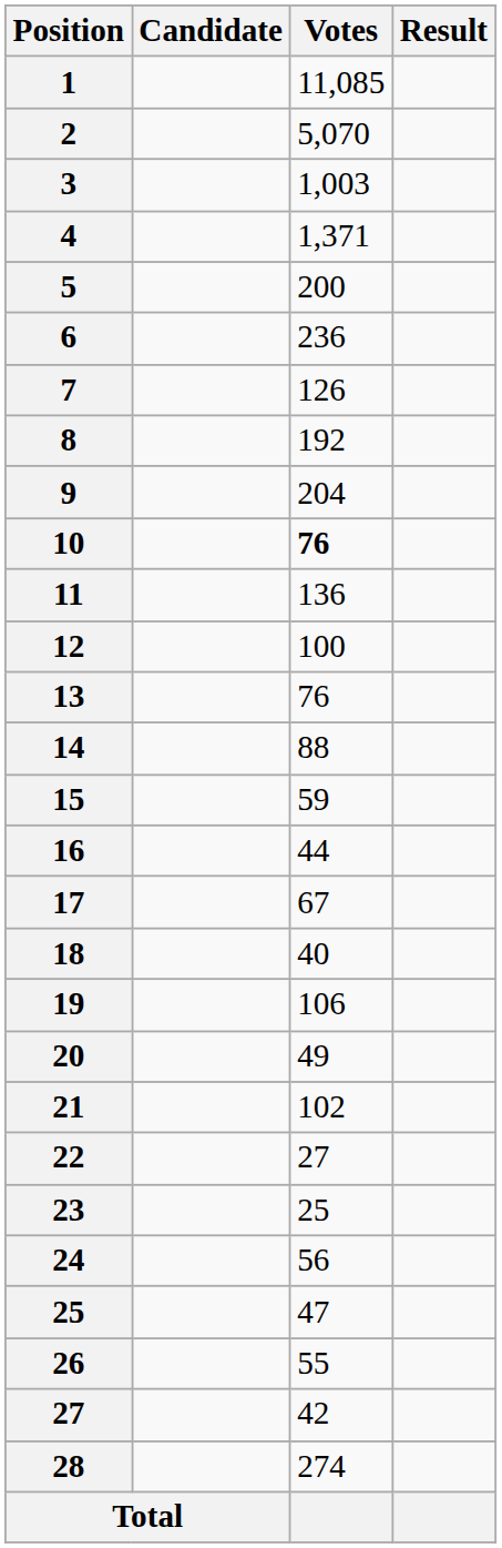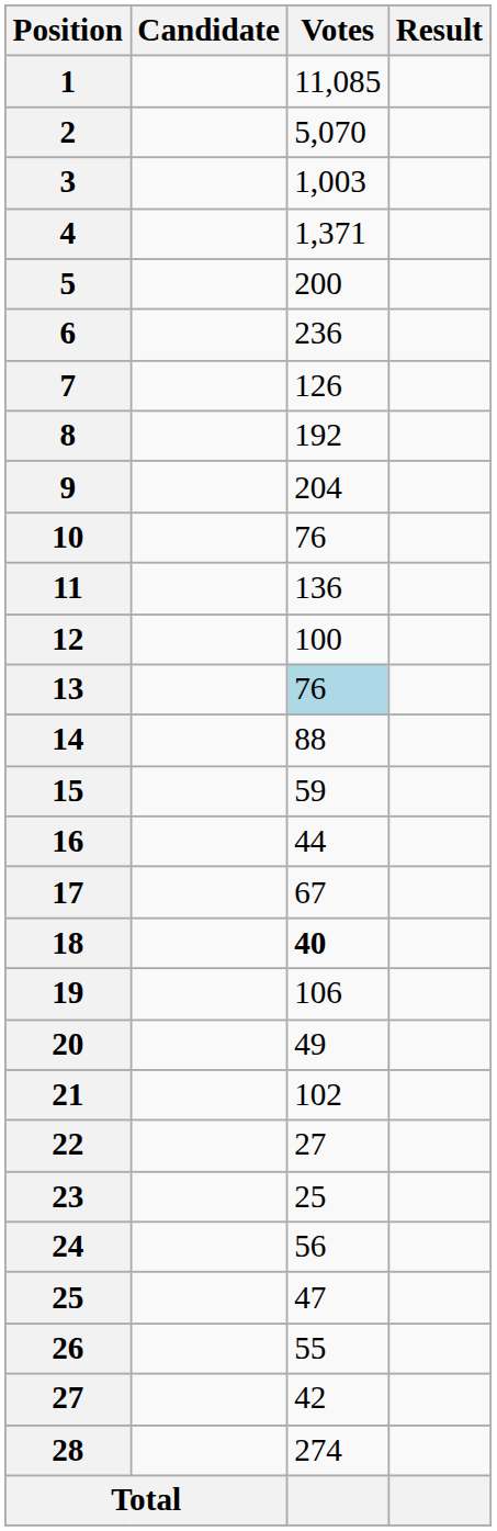 <table class="wikitable sortable col3right">
 <tr>
 <th scope="col">Position</th>
 <th scope="col">Candidate</th>
 <th scope="col">Votes</th>
 <th scope="col">Result</th>
 </tr>
 <tr>
 <th scope="row">1</th>
 <td></td>
 <td>11,085</td>
 <td></td>
 </tr>
 <tr>
 <th scope="row">2</th>
 <td></td>
 <td>5,070</td>
 <td></td>
 </tr>
 <tr>
 <th scope="row">3</th>
 <td></td>
 <td>1,003</td>
 <td></td>
 </tr>
 <tr>
 <th scope="row">4</th>
 <td></td>
 <td>1,371</td>
 <td></td>
 </tr>
 <tr>
 <th scope="row">5</th>
 <td></td>
 <td>200</td>
 <td></td>
 </tr>
 <tr>
 <th scope="row">6</th>
 <td></td>
 <td>236</td>
 <td></td>
 </tr>
 <tr>
 <th scope="row">7</th>
 <td></td>
 <td>126</td>
 <td></td>
 </tr>
 <tr>
 <th scope="row">8</th>
 <td></td>
 <td>192</td>
 <td></td>
 </tr>
 <tr>
 <th scope="row">9</th>
 <td></td>
 <td>204</td>
 <td></td>
 </tr>
 <tr>
 <th scope="row">10</th>
 <td></td>
-<td><strong>76</strong></td>
+<td>76</td>
 <td></td>
 </tr>
 <tr>
 <th scope="row">11</th>
 <td></td>
 <td>136</td>
 <td></td>
 </tr>
 <tr>
 <th scope="row">12</th>
 <td></td>
 <td>100</td>
 <td></td>
 </tr>
 <tr>
 <th scope="row">13</th>
 <td></td>
-<td>76</td>
+<td style="background: lightblue;">76</td>
 <td></td>
 </tr>
 <tr>
 <th scope="row">14</th>
 <td></td>
 <td>88</td>
 <td></td>
 </tr>
 <tr>
 <th scope="row">15</th>
 <td></td>
 <td>59</td>
 <td></td>
 </tr>
 <tr>
 <th scope="row">16</th>
 <td></td>
 <td>44</td>
 <td></td>
 </tr>
 <tr>
 <th scope="row">17</th>
 <td></td>
 <td>67</td>
 <td></td>
 </tr>
 <tr>
 <th scope="row">18</th>
 <td></td>
-<td>40</td>
+<td><strong>40</strong></td>
 <td></td>
 </tr>
 <tr>
 <th scope="row">19</th>
 <td></td>
 <td>106</td>
 <td></td>
 </tr>
 <tr>
 <th scope="row">20</th>
 <td></td>
 <td>49</td>
 <td></td>
 </tr>
 <tr>
 <th scope="row">21</th>
 <td></td>
 <td>102</td>
 <td></td>
 </tr>
 <tr>
 <th scope="row">22</th>
 <td></td>
 <td>27</td>
 <td></td>
 </tr>
 <tr>
 <th scope="row">23</th>
 <td></td>
 <td>25</td>
 <td></td>
 </tr>
 <tr>
 <th scope="row">24</th>
 <td></td>
 <td>56</td>
 <td></td>
 </tr>
 <tr>
 <th scope="row">25</th>
 <td></td>
 <td>47</td>
 <td></td>
 </tr>
 <tr>
 <th scope="row">26</th>
 <td></td>
 <td>55</td>
 <td></td>
 </tr>
 <tr>
 <th scope="row">27</th>
 <td></td>
 <td>42</td>
 <td></td>
 </tr>
 <tr>
 <th scope="row">28</th>
 <td></td>
 <td>274</td>
 <td></td>
 </tr>
 <tr class="sortbottom">
 <th scope="row" colspan="2">Total</th>
 <th></th>
 <th></th>
 </tr>
 </table>
